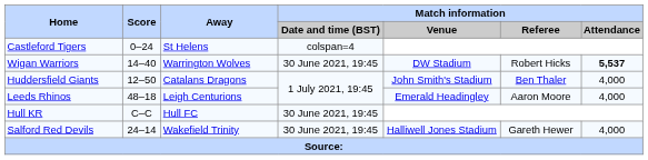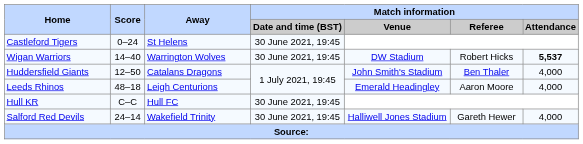 <table border=1 style="border-collapse:collapse; font-size:90%; text-align:center;" cellpadding=3 cellspacing=0 width=100%>
 <tr style="background:#C1D8ff;">
 <th scope="col" rowspan=2 width=19%>Home</th>
 <th scope="col" rowspan=2 width=6%>Score</th>
 <th scope="col" rowspan=2 width=19%>Away</th>
 <th colspan=4>Match information</th>
 </tr>
 <tr style="background:#CCCCCC;">
 <th scope="col" width=17%>Date and time (BST)</th>
 <th scope="col" width=19%>Venue</th>
 <th scope="col" width=13%>Referee</th>
 <th scope="col" width=7%>Attendance</th>
 </tr>
 <tr style="background:#F5FAFF;">
 <td style="text-align:left;"> <a href='#'>Castleford Tigers</a></td>
 <td>0–24</td>
 <td style="text-align:left;"> <a href='#'>St Helens</a></td>
-<td>colspan=4 </td>
+<td>30 June 2021, 19:45</td>
 </tr>
 <tr style="background:#F5FAFF;">
 <td style="text-align:left;"> <a href='#'>Wigan Warriors</a></td>
 <td>14–40</td>
 <td style="text-align:left;"> <a href='#'>Warrington Wolves</a></td>
 <td>30 June 2021, 19:45</td>
 <td><a href='#'>DW Stadium</a></td>
 <td>Robert Hicks</td>
 <td><strong>5,537</strong></td>
 </tr>
 <tr style="background:#F5FAFF;">
 <td style="text-align:left;"> <a href='#'>Huddersfield Giants</a></td>
 <td>12–50</td>
 <td style="text-align:left;"> <a href='#'>Catalans Dragons</a></td>
 <td rowspan=2>1 July 2021, 19:45</td>
 <td><a href='#'>John Smith's Stadium</a></td>
 <td><a href='#'>Ben Thaler</a></td>
 <td>4,000</td>
 </tr>
 <tr style="background:#F5FAFF;">
 <td style="text-align:left;"> <a href='#'>Leeds Rhinos</a></td>
 <td>48–18</td>
 <td style="text-align:left;"> <a href='#'>Leigh Centurions</a></td>
 <td><a href='#'>Emerald Headingley</a></td>
 <td>Aaron Moore</td>
 <td>4,000</td>
 </tr>
 <tr style="background:#F5FAFF;">
 <td style="text-align:left;"> <a href='#'>Hull KR</a></td>
 <td>C–C</td>
 <td style="text-align:left;"> <a href='#'>Hull FC</a></td>
 <td>30 June 2021, 19:45</td>
 </tr>
 <tr style="background:#F5FAFF;">
 <td style="text-align:left;"> <a href='#'>Salford Red Devils</a></td>
 <td>24–14</td>
 <td style="text-align:left;"> <a href='#'>Wakefield Trinity</a></td>
 <td>30 June 2021, 19:45</td>
 <td><a href='#'>Halliwell Jones Stadium</a></td>
 <td>Gareth Hewer</td>
 <td>4,000</td>
 </tr>
 <tr style="background:#c1d8ff;">
 <th colspan=7>Source:</th>
 </tr>
 </table>
